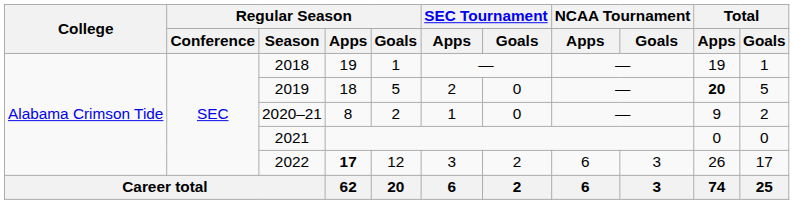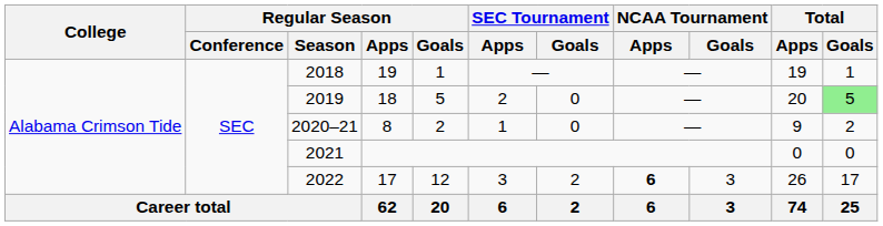 <table class="wikitable" style="text-align: center;">
 <tr>
 <th rowspan="2">College</th>
 <th colspan="4">Regular Season</th>
 <th colspan="2"><a href='#'>SEC Tournament</a></th>
 <th colspan="2">NCAA Tournament</th>
 <th colspan="2">Total</th>
 </tr>
 <tr>
 <th>Conference</th>
 <th>Season</th>
 <th>Apps</th>
 <th>Goals</th>
 <th>Apps</th>
 <th>Goals</th>
 <th>Apps</th>
 <th>Goals</th>
 <th>Apps</th>
 <th>Goals</th>
 </tr>
 <tr>
 <td rowspan="5"><a href='#'>Alabama Crimson Tide</a></td>
 <td rowspan="5"><a href='#'>SEC</a></td>
 <td>2018</td>
 <td>19</td>
 <td>1</td>
 <td colspan="2">—</td>
 <td colspan="2">—</td>
 <td>19</td>
 <td>1</td>
 </tr>
 <tr>
 <td>2019</td>
 <td>18</td>
 <td>5</td>
 <td>2</td>
 <td>0</td>
 <td colspan="2">—</td>
-<td><strong>20</strong></td>
-<td>5</td>
+<td>20</td>
+<td style="background: lightgreen;">5</td>
 </tr>
 <tr>
 <td>2020–21</td>
 <td>8</td>
 <td>2</td>
 <td>1</td>
 <td>0</td>
 <td colspan="2">—</td>
 <td>9</td>
 <td>2</td>
 </tr>
 <tr>
 <td>2021</td>
 <td colspan="6"></td>
 <td>0</td>
 <td>0</td>
 </tr>
 <tr>
 <td>2022</td>
-<td><strong>17</strong></td>
+<td>17</td>
 <td>12</td>
 <td>3</td>
 <td>2</td>
-<td>6</td>
+<td><strong>6</strong></td>
 <td>3</td>
 <td>26</td>
 <td>17</td>
 </tr>
 <tr>
 <th colspan="3">Career total</th>
 <th>62</th>
 <th>20</th>
 <th>6</th>
 <th>2</th>
 <th>6</th>
 <th>3</th>
 <th>74</th>
 <th>25</th>
 </tr>
 </table>
